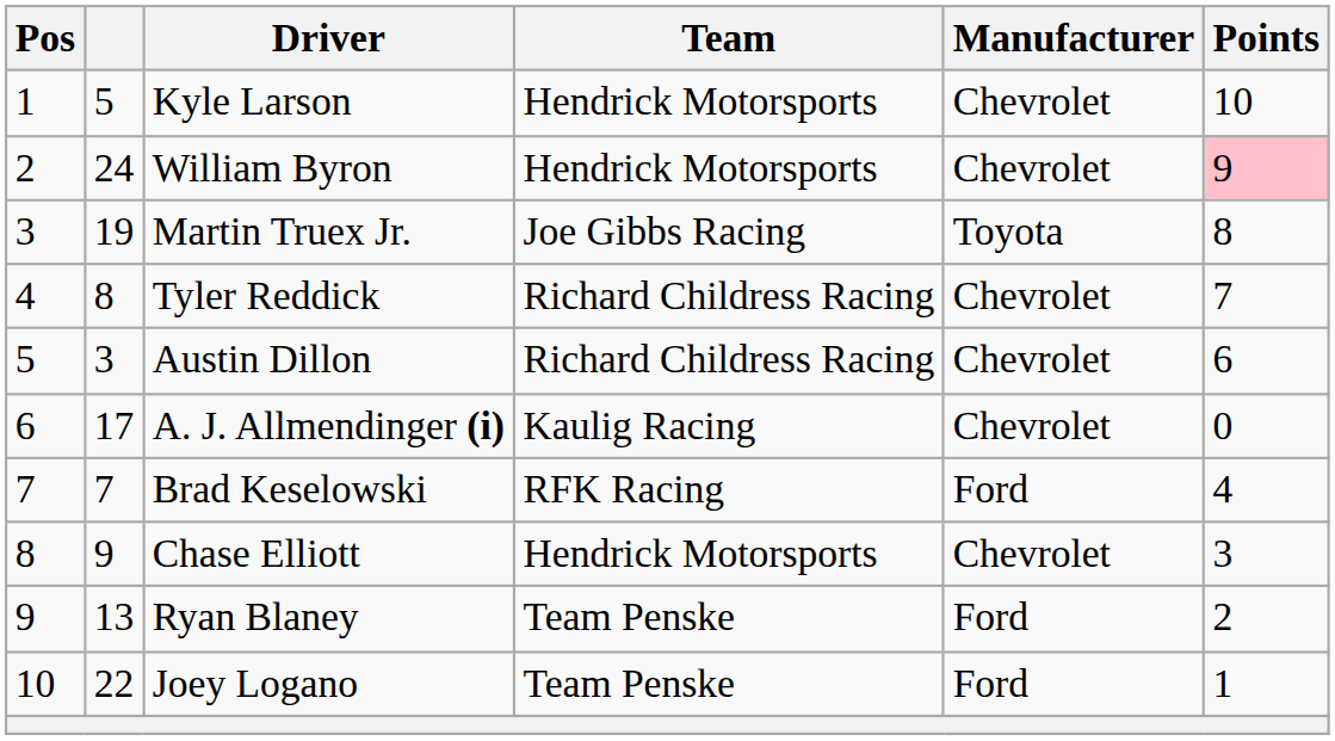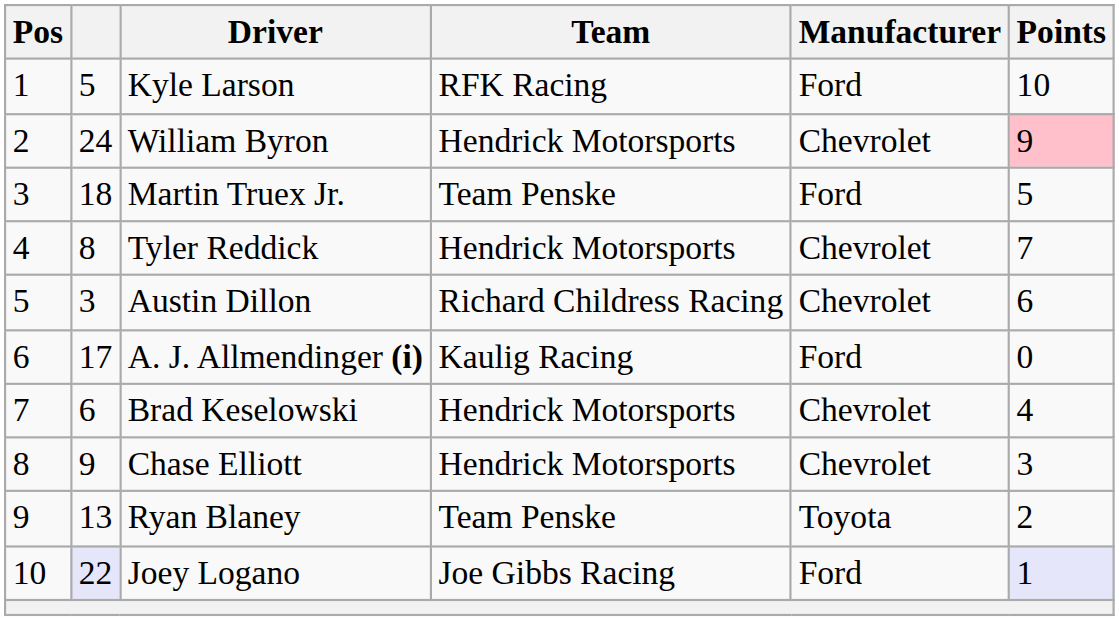 <table class="wikitable" style="font-size:98%">
 <tr>
 <th>Pos</th>
 <th></th>
 <th>Driver</th>
 <th>Team</th>
 <th>Manufacturer</th>
 <th>Points</th>
 </tr>
 <tr>
 <td>1</td>
 <td>5</td>
 <td>Kyle Larson</td>
-<td>Hendrick Motorsports</td>
-<td>Chevrolet</td>
+<td>RFK Racing</td>
+<td>Ford</td>
 <td>10</td>
 </tr>
 <tr>
 <td>2</td>
 <td>24</td>
 <td>William Byron</td>
 <td>Hendrick Motorsports</td>
 <td>Chevrolet</td>
 <td style="background: pink;">9</td>
 </tr>
 <tr>
 <td>3</td>
-<td>19</td>
+<td>18</td>
 <td>Martin Truex Jr.</td>
-<td>Joe Gibbs Racing</td>
-<td>Toyota</td>
-<td>8</td>
+<td>Team Penske</td>
+<td>Ford</td>
+<td>5</td>
 </tr>
 <tr>
 <td>4</td>
 <td>8</td>
 <td>Tyler Reddick</td>
-<td>Richard Childress Racing</td>
+<td>Hendrick Motorsports</td>
 <td>Chevrolet</td>
 <td>7</td>
 </tr>
 <tr>
 <td>5</td>
 <td>3</td>
 <td>Austin Dillon</td>
 <td>Richard Childress Racing</td>
 <td>Chevrolet</td>
 <td>6</td>
 </tr>
 <tr>
 <td>6</td>
 <td>17</td>
 <td>A. J. Allmendinger <strong>(i)</strong></td>
 <td>Kaulig Racing</td>
-<td>Chevrolet</td>
+<td>Ford</td>
 <td>0</td>
 </tr>
 <tr>
 <td>7</td>
-<td>7</td>
+<td>6</td>
 <td>Brad Keselowski</td>
-<td>RFK Racing</td>
-<td>Ford</td>
+<td>Hendrick Motorsports</td>
+<td>Chevrolet</td>
 <td>4</td>
 </tr>
 <tr>
 <td>8</td>
 <td>9</td>
 <td>Chase Elliott</td>
 <td>Hendrick Motorsports</td>
 <td>Chevrolet</td>
 <td>3</td>
 </tr>
 <tr>
 <td>9</td>
 <td>13</td>
 <td>Ryan Blaney</td>
 <td>Team Penske</td>
-<td>Ford</td>
+<td>Toyota</td>
 <td>2</td>
 </tr>
 <tr>
 <td>10</td>
-<td>22</td>
+<td style="background: lavender;">22</td>
 <td>Joey Logano</td>
-<td>Team Penske</td>
+<td>Joe Gibbs Racing</td>
 <td>Ford</td>
-<td>1</td>
+<td style="background: lavender;">1</td>
 </tr>
 <tr>
 <th colspan="6"></th>
 </tr>
 </table>
